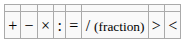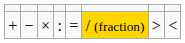 <table class="wikitable" style="line-height: 1.2">
 <tr align=center>
 <td></td>
 <td></td>
 <td></td>
 <td></td>
 <td></td>
 <td></td>
 <td></td>
 <td></td>
 </tr>
 <tr align=center>
 <td>+</td>
 <td>−</td>
 <td>×</td>
 <td>:</td>
 <td>=</td>
-<td>/ <small>(fraction)</small></td>
+<td style="background: gold;">/ <small>(fraction)</small></td>
 <td>></td>
 <td><</td>
 </tr>
 </table>
